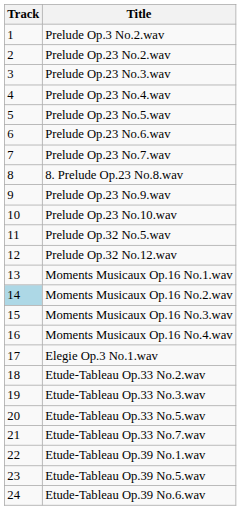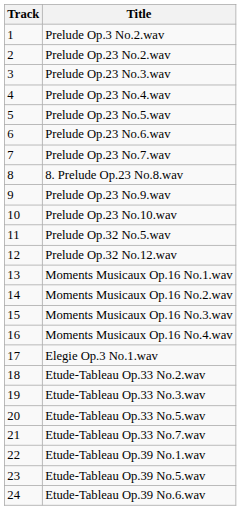 <table class="wikitable mw-collapsible">
 <tr>
 <th>Track</th>
 <th>Title</th>
 </tr>
 <tr>
 <td>1</td>
 <td>Prelude Op.3 No.2.wav</td>
 </tr>
 <tr>
 <td>2</td>
 <td>Prelude Op.23 No.2.wav</td>
 </tr>
 <tr>
 <td>3</td>
 <td>Prelude Op.23 No.3.wav</td>
 </tr>
 <tr>
 <td>4</td>
 <td>Prelude Op.23 No.4.wav</td>
 </tr>
 <tr>
 <td>5</td>
 <td>Prelude Op.23 No.5.wav</td>
 </tr>
 <tr>
 <td>6</td>
 <td>Prelude Op.23 No.6.wav</td>
 </tr>
 <tr>
 <td>7</td>
 <td>Prelude Op.23 No.7.wav</td>
 </tr>
 <tr>
 <td>8</td>
 <td>8. Prelude Op.23 No.8.wav</td>
 </tr>
 <tr>
 <td>9</td>
 <td>Prelude Op.23 No.9.wav</td>
 </tr>
 <tr>
 <td>10</td>
 <td>Prelude Op.23 No.10.wav</td>
 </tr>
 <tr>
 <td>11</td>
 <td>Prelude Op.32 No.5.wav</td>
 </tr>
 <tr>
 <td>12</td>
 <td>Prelude Op.32 No.12.wav</td>
 </tr>
 <tr>
 <td>13</td>
 <td>Moments Musicaux Op.16 No.1.wav</td>
 </tr>
 <tr>
-<td style="background: lightblue;">14</td>
+<td>14</td>
 <td>Moments Musicaux Op.16 No.2.wav</td>
 </tr>
 <tr>
 <td>15</td>
 <td>Moments Musicaux Op.16 No.3.wav</td>
 </tr>
 <tr>
 <td>16</td>
 <td>Moments Musicaux Op.16 No.4.wav</td>
 </tr>
 <tr>
 <td>17</td>
 <td>Elegie Op.3 No.1.wav</td>
 </tr>
 <tr>
 <td>18</td>
 <td>Etude-Tableau Op.33 No.2.wav</td>
 </tr>
 <tr>
 <td>19</td>
 <td>Etude-Tableau Op.33 No.3.wav</td>
 </tr>
 <tr>
 <td>20</td>
 <td>Etude-Tableau Op.33 No.5.wav</td>
 </tr>
 <tr>
 <td>21</td>
 <td>Etude-Tableau Op.33 No.7.wav</td>
 </tr>
 <tr>
 <td>22</td>
 <td>Etude-Tableau Op.39 No.1.wav</td>
 </tr>
 <tr>
 <td>23</td>
 <td>Etude-Tableau Op.39 No.5.wav</td>
 </tr>
 <tr>
 <td>24</td>
 <td>Etude-Tableau Op.39 No.6.wav</td>
 </tr>
 </table>
